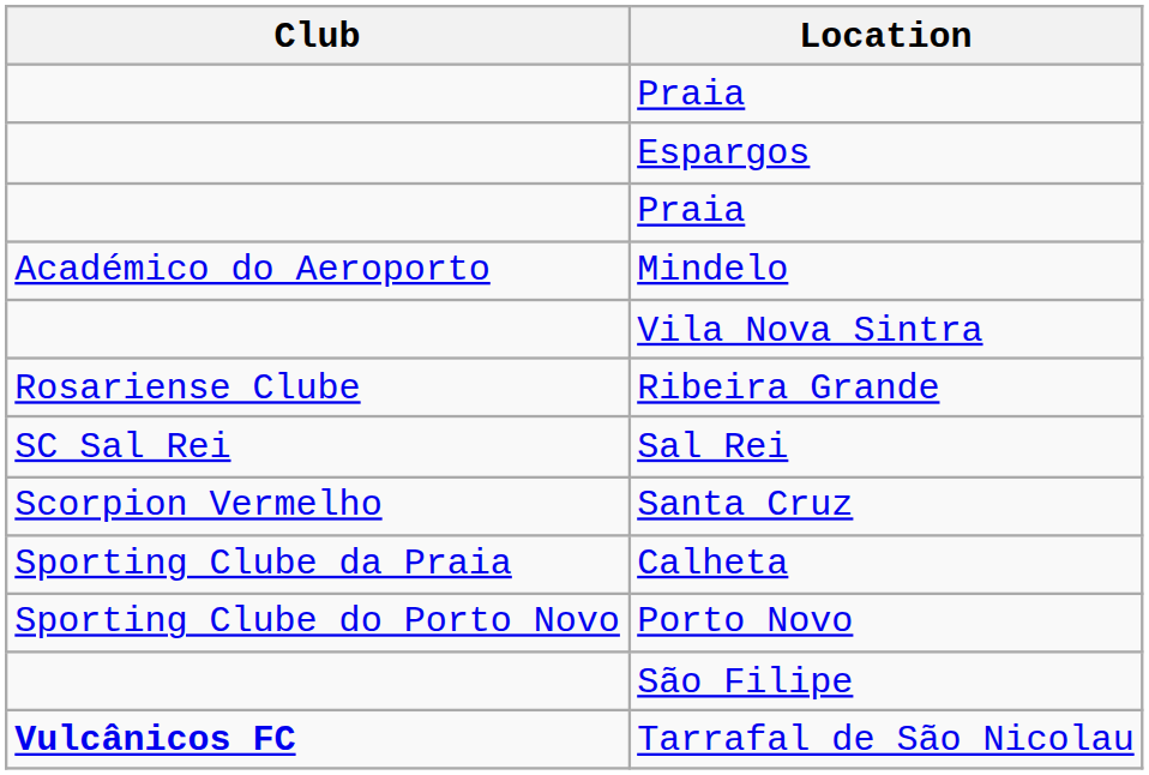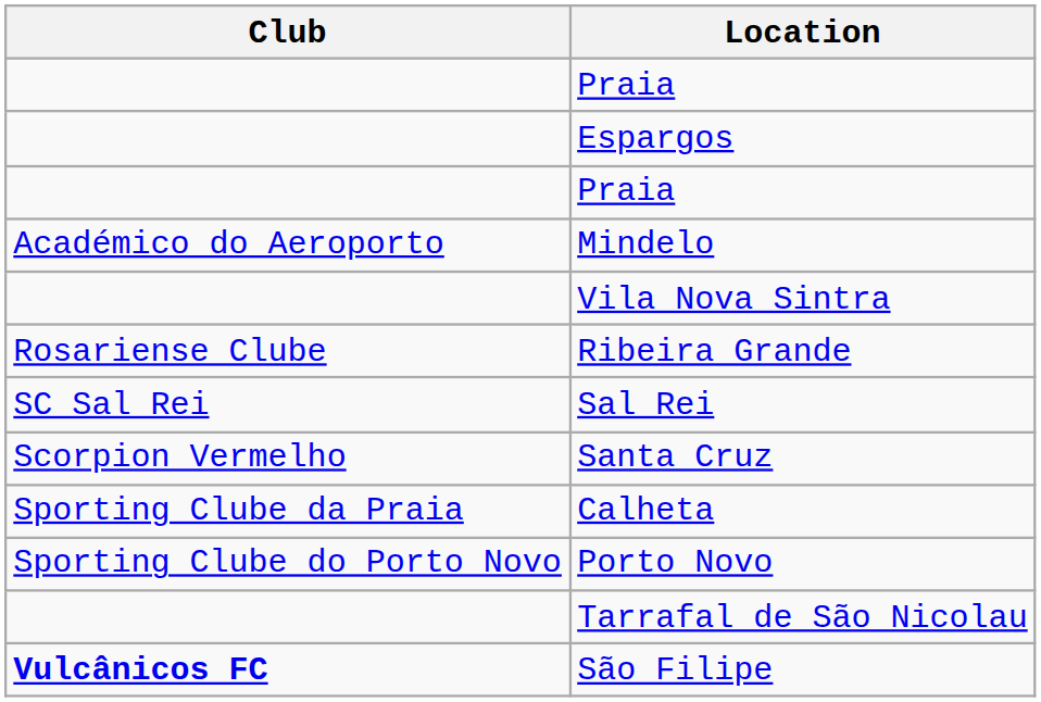 <table class="wikitable sortable">
 <tr>
 <th>Club</th>
 <th>Location</th>
 </tr>
 <tr>
 <td></td>
 <td><a href='#'>Praia</a></td>
 </tr>
 <tr>
 <td></td>
 <td><a href='#'>Espargos</a></td>
 </tr>
 <tr>
 <td></td>
 <td><a href='#'>Praia</a></td>
 </tr>
 <tr>
 <td><a href='#'>Académico do Aeroporto</a></td>
 <td><a href='#'>Mindelo</a></td>
 </tr>
 <tr>
 <td></td>
 <td><a href='#'>Vila Nova Sintra</a></td>
 </tr>
 <tr>
 <td><a href='#'>Rosariense Clube</a></td>
 <td><a href='#'>Ribeira Grande</a></td>
 </tr>
 <tr>
 <td><a href='#'>SC Sal Rei</a></td>
 <td><a href='#'>Sal Rei</a></td>
 </tr>
 <tr>
 <td><a href='#'>Scorpion Vermelho</a></td>
 <td><a href='#'>Santa Cruz</a></td>
 </tr>
 <tr>
 <td><a href='#'>Sporting Clube da Praia</a></td>
 <td><a href='#'>Calheta</a></td>
 </tr>
 <tr>
 <td><a href='#'>Sporting Clube do Porto Novo</a></td>
 <td><a href='#'>Porto Novo</a></td>
 </tr>
 <tr>
 <td></td>
-<td><a href='#'>São Filipe</a></td>
+<td><a href='#'>Tarrafal de São Nicolau</a></td>
 </tr>
 <tr>
 <td><strong><a href='#'>Vulcânicos FC</a></strong></td>
-<td><a href='#'>Tarrafal de São Nicolau</a></td>
+<td><a href='#'>São Filipe</a></td>
 </tr>
 </table>
